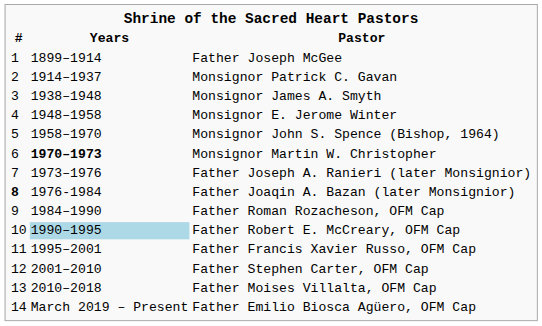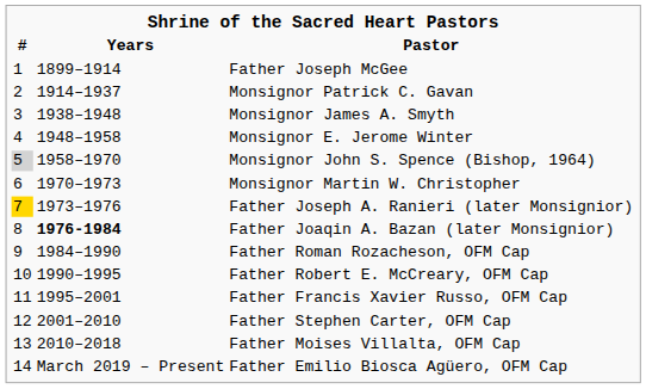 <table class="infobox">
 <tr>
 <th colspan=3 style="text-align:center; font-size:110%">Shrine of the Sacred Heart Pastors</th>
 </tr>
 <tr>
 <th>#</th>
 <th>Years</th>
 <th>Pastor</th>
 </tr>
 <tr>
 <td>1</td>
 <td>1899–1914</td>
 <td>Father Joseph McGee</td>
 </tr>
 <tr>
 <td>2</td>
 <td>1914–1937</td>
 <td>Monsignor Patrick C. Gavan</td>
 </tr>
 <tr>
 <td>3</td>
 <td>1938–1948</td>
 <td>Monsignor James A. Smyth</td>
 </tr>
 <tr>
 <td>4</td>
 <td>1948–1958</td>
 <td>Monsignor E. Jerome Winter</td>
 </tr>
 <tr>
-<td>5</td>
+<td style="background: lightgrey;">5</td>
 <td>1958–1970</td>
 <td>Monsignor John S. Spence (Bishop, 1964)</td>
 </tr>
 <tr>
 <td>6</td>
-<td><strong>1970–1973</strong></td>
+<td>1970–1973</td>
 <td>Monsignor Martin W. Christopher</td>
 </tr>
 <tr>
-<td>7</td>
+<td style="background: gold;">7</td>
 <td>1973–1976</td>
 <td>Father Joseph A. Ranieri (later Monsignior)</td>
 </tr>
 <tr>
-<td><strong>8</strong></td>
-<td>1976-1984</td>
+<td>8</td>
+<td><strong>1976-1984</strong></td>
 <td>Father Joaqin A. Bazan (later Monsignior)</td>
 </tr>
 <tr>
 <td>9</td>
 <td>1984–1990</td>
 <td>Father Roman Rozacheson, OFM Cap</td>
 </tr>
 <tr>
 <td>10</td>
-<td style="background: lightblue;">1990–1995</td>
+<td>1990–1995</td>
 <td>Father Robert E. McCreary, OFM Cap</td>
 </tr>
 <tr>
 <td>11</td>
 <td>1995–2001</td>
 <td>Father Francis Xavier Russo, OFM Cap</td>
 </tr>
 <tr>
 <td>12</td>
 <td>2001–2010</td>
 <td>Father Stephen Carter, OFM Cap</td>
 </tr>
 <tr>
 <td>13</td>
 <td>2010–2018</td>
 <td>Father Moises Villalta, OFM Cap</td>
 </tr>
 <tr>
 <td>14</td>
 <td>March 2019 – Present</td>
 <td>Father Emilio Biosca Agüero, OFM Cap</td>
 </tr>
 </table>
